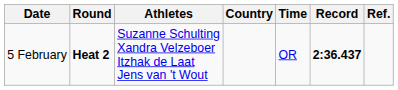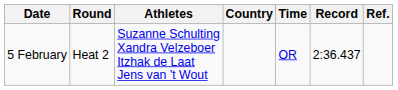 <table class="wikitable">
 <tr>
 <th>Date</th>
 <th>Round</th>
 <th>Athletes</th>
 <th>Country</th>
 <th>Time</th>
 <th>Record</th>
 <th>Ref.</th>
 </tr>
 <tr>
 <td>5 February</td>
-<td><strong>Heat 2</strong></td>
+<td>Heat 2</td>
 <td><a href='#'>Suzanne Schulting</a><br><a href='#'>Xandra Velzeboer</a><br><a href='#'>Itzhak de Laat</a><br><a href='#'>Jens van 't Wout</a></td>
 <td></td>
 <td><a href='#'>OR</a></td>
-<td><strong>2:36.437</strong></td>
+<td>2:36.437</td>
 </tr>
 </table>
